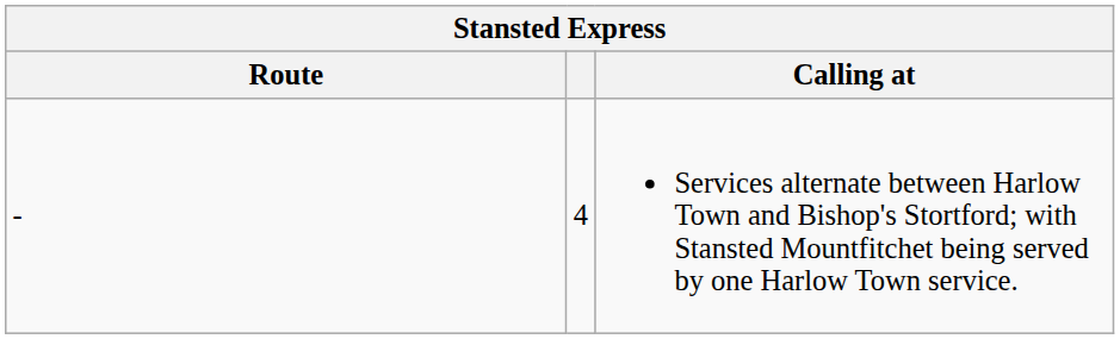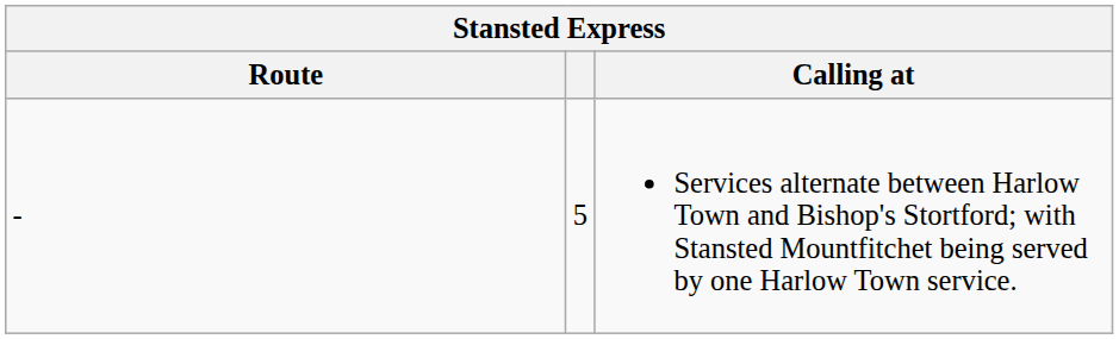 <table class="wikitable">
 <tr>
 <th colspan="3">Stansted Express</th>
 </tr>
 <tr>
 <th style="width:300px;">Route</th>
 <th></th>
 <th>Calling at</th>
 </tr>
 <tr>
 <td> - </td>
-<td>4</td>
+<td>5</td>
 <td><br><ul><li>Services alternate between Harlow Town and Bishop's Stortford; with Stansted Mountfitchet being served by one Harlow Town service.</li></ul></td>
 </tr>
 </table>
